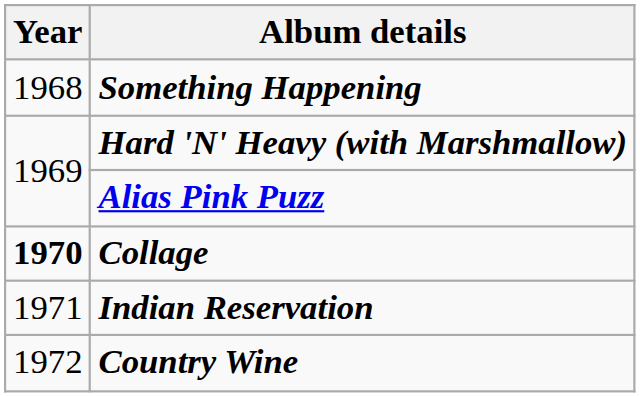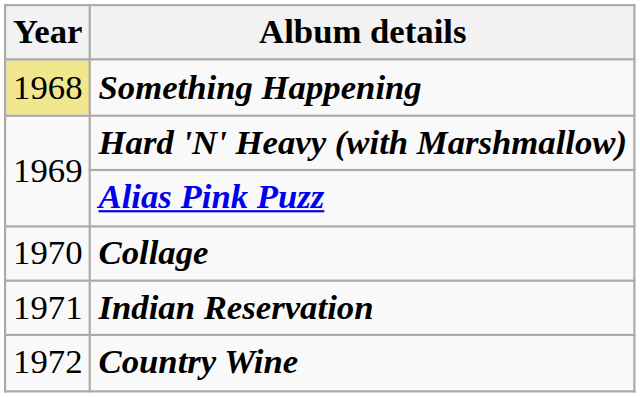 <table class="wikitable">
 <tr>
 <th>Year</th>
 <th>Album details</th>
 </tr>
 <tr>
-<td>1968</td>
+<td style="background: khaki;">1968</td>
 <td><strong><em>Something Happening</em></strong></td>
 </tr>
 <tr>
 <td rowspan="2">1969</td>
 <td><strong><em>Hard 'N' Heavy (with Marshmallow)</em></strong></td>
 </tr>
 <tr>
 <td><strong><em><a href='#'>Alias Pink Puzz</a></em></strong></td>
 </tr>
 <tr>
-<td><strong>1970</strong></td>
+<td>1970</td>
 <td><strong><em>Collage</em></strong></td>
 </tr>
 <tr>
 <td>1971</td>
 <td><strong><em>Indian Reservation</em></strong></td>
 </tr>
 <tr>
 <td>1972</td>
 <td><strong><em>Country Wine</em></strong></td>
 </tr>
 </table>
